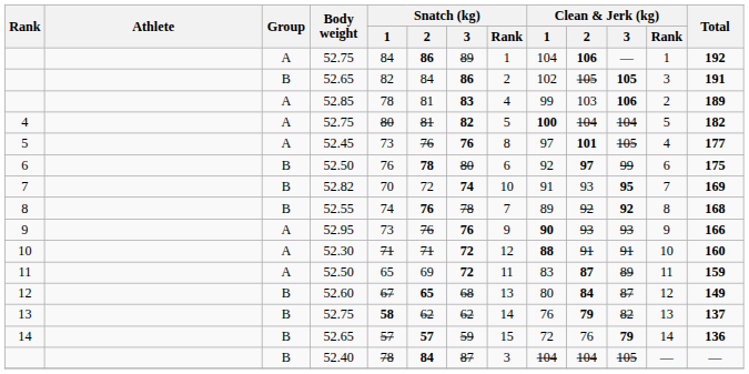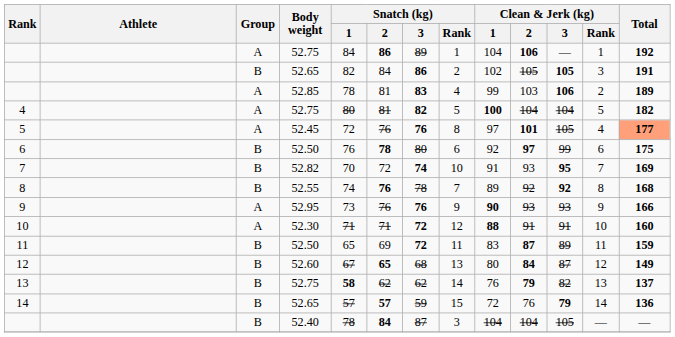 <table class = "wikitable" style="text-align:center;">
 <tr>
 <th rowspan=2 width=40>Rank</th>
 <th rowspan=2 width=250>Athlete</th>
 <th rowspan=2 width=50>Group</th>
 <th rowspan=2 width=60>Body weight</th>
 <th colspan=4>Snatch (kg)</th>
 <th colspan=4>Clean & Jerk (kg)</th>
 <th rowspan=2 width=60>Total</th>
 </tr>
 <tr>
 <th width=40>1</th>
 <th width=40>2</th>
 <th width=40>3</th>
 <th width=40>Rank</th>
 <th width=40>1</th>
 <th width=40>2</th>
 <th width=40>3</th>
 <th width=40>Rank</th>
 </tr>
 <tr>
 <td></td>
 <td align=left></td>
 <td>A</td>
 <td>52.75</td>
 <td>84</td>
 <td><strong>86</strong></td>
 <td><s>89</s></td>
 <td>1</td>
 <td>104</td>
 <td><strong>106</strong></td>
 <td>—</td>
 <td>1</td>
 <td><strong>192</strong></td>
 </tr>
 <tr>
 <td></td>
 <td align=left></td>
 <td>B</td>
 <td>52.65</td>
 <td>82</td>
 <td>84</td>
 <td><strong>86</strong></td>
 <td>2</td>
 <td>102</td>
 <td><s>105</s></td>
 <td><strong>105</strong></td>
 <td>3</td>
 <td><strong>191</strong></td>
 </tr>
 <tr>
 <td></td>
 <td align=left></td>
 <td>A</td>
 <td>52.85</td>
 <td>78</td>
 <td>81</td>
 <td><strong>83</strong></td>
 <td>4</td>
 <td>99</td>
 <td>103</td>
 <td><strong>106</strong></td>
 <td>2</td>
 <td><strong>189</strong></td>
 </tr>
 <tr>
 <td>4</td>
 <td align=left></td>
 <td>A</td>
 <td>52.75</td>
 <td><s>80</s></td>
 <td><s>81</s></td>
 <td><strong>82</strong></td>
 <td>5</td>
 <td><strong>100</strong></td>
 <td><s>104</s></td>
 <td><s>104</s></td>
 <td>5</td>
 <td><strong>182</strong></td>
 </tr>
 <tr>
 <td>5</td>
 <td align=left></td>
 <td>A</td>
 <td>52.45</td>
-<td>73</td>
+<td>72</td>
 <td><s>76</s></td>
 <td><strong>76</strong></td>
 <td>8</td>
 <td>97</td>
 <td><strong>101</strong></td>
 <td><s>105</s></td>
 <td>4</td>
-<td><strong>177</strong></td>
+<td style="background: lightsalmon;"><strong>177</strong></td>
 </tr>
 <tr>
 <td>6</td>
 <td align=left></td>
 <td>B</td>
 <td>52.50</td>
 <td>76</td>
 <td><strong>78</strong></td>
 <td><s>80</s></td>
 <td>6</td>
 <td>92</td>
 <td><strong>97</strong></td>
 <td><s>99</s></td>
 <td>6</td>
 <td><strong>175</strong></td>
 </tr>
 <tr>
 <td>7</td>
 <td align=left></td>
 <td>B</td>
 <td>52.82</td>
 <td>70</td>
 <td>72</td>
 <td><strong>74</strong></td>
 <td>10</td>
 <td>91</td>
 <td>93</td>
 <td><strong>95</strong></td>
 <td>7</td>
 <td><strong>169</strong></td>
 </tr>
 <tr>
 <td>8</td>
 <td align=left></td>
 <td>B</td>
 <td>52.55</td>
 <td>74</td>
 <td><strong>76</strong></td>
 <td><s>78</s></td>
 <td>7</td>
 <td>89</td>
 <td><s>92</s></td>
 <td><strong>92</strong></td>
 <td>8</td>
 <td><strong>168</strong></td>
 </tr>
 <tr>
 <td>9</td>
 <td align=left></td>
 <td>A</td>
 <td>52.95</td>
 <td>73</td>
 <td><s>76</s></td>
 <td><strong>76</strong></td>
 <td>9</td>
 <td><strong>90</strong></td>
 <td><s>93</s></td>
 <td><s>93</s></td>
 <td>9</td>
 <td><strong>166</strong></td>
 </tr>
 <tr>
 <td>10</td>
 <td align=left></td>
 <td>A</td>
 <td>52.30</td>
 <td><s>71</s></td>
 <td><s>71</s></td>
 <td><strong>72</strong></td>
 <td>12</td>
 <td><strong>88</strong></td>
 <td><s>91</s></td>
 <td><s>91</s></td>
 <td>10</td>
 <td><strong>160</strong></td>
 </tr>
 <tr>
 <td>11</td>
 <td align=left></td>
-<td>A</td>
+<td>B</td>
 <td>52.50</td>
 <td>65</td>
 <td>69</td>
 <td><strong>72</strong></td>
 <td>11</td>
 <td>83</td>
 <td><strong>87</strong></td>
 <td><s>89</s></td>
 <td>11</td>
 <td><strong>159</strong></td>
 </tr>
 <tr>
 <td>12</td>
 <td align=left></td>
 <td>B</td>
 <td>52.60</td>
 <td><s>67</s></td>
 <td><strong>65</strong></td>
 <td><s>68</s></td>
 <td>13</td>
 <td>80</td>
 <td><strong>84</strong></td>
 <td><s>87</s></td>
 <td>12</td>
 <td><strong>149</strong></td>
 </tr>
 <tr>
 <td>13</td>
 <td align=left></td>
 <td>B</td>
 <td>52.75</td>
 <td><strong>58</strong></td>
 <td><s>62</s></td>
 <td><s>62</s></td>
 <td>14</td>
 <td>76</td>
 <td><strong>79</strong></td>
 <td><s>82</s></td>
 <td>13</td>
 <td><strong>137</strong></td>
 </tr>
 <tr>
 <td>14</td>
 <td align=left></td>
 <td>B</td>
 <td>52.65</td>
 <td><s>57</s></td>
 <td><strong>57</strong></td>
 <td><s>59</s></td>
 <td>15</td>
 <td>72</td>
 <td>76</td>
 <td><strong>79</strong></td>
 <td>14</td>
 <td><strong>136</strong></td>
 </tr>
 <tr>
 <td></td>
 <td align=left></td>
 <td>B</td>
 <td>52.40</td>
 <td><s>78</s></td>
 <td><strong>84</strong></td>
 <td><s>87</s></td>
 <td>3</td>
 <td><s>104</s></td>
 <td><s>104</s></td>
 <td><s>105</s></td>
 <td>—</td>
 <td>—</td>
 </tr>
 <tr>
 </tr>
 </table>
